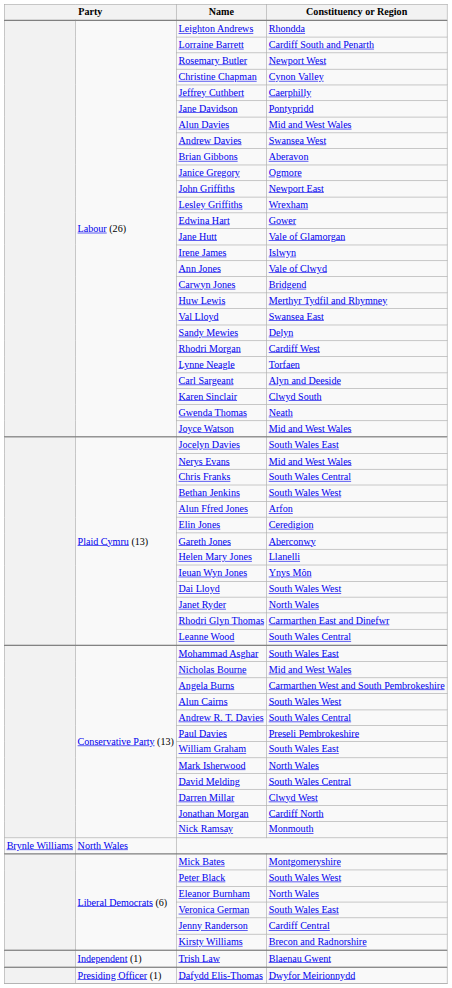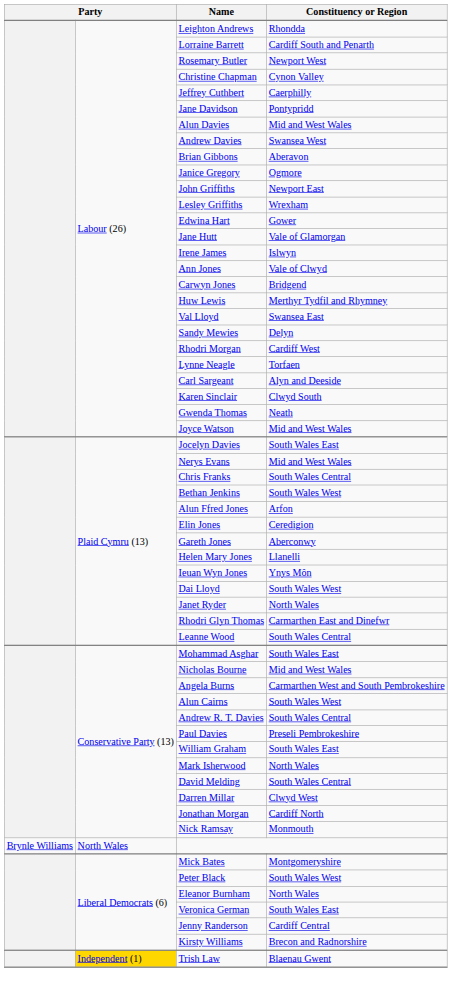 <table class="wikitable">
 <tr style="border-bottom: 2px solid gray;">
 <th colspan="2">Party</th>
 <th>Name</th>
 <th>Constituency or Region</th>
 </tr>
 <tr>
 <th rowspan="26" style="background-color: "></th>
 <td rowspan="26"><a href='#'>Labour</a> (26)</td>
 <td><a href='#'>Leighton Andrews</a></td>
 <td><a href='#'>Rhondda</a></td>
 </tr>
 <tr>
 <td><a href='#'>Lorraine Barrett</a></td>
 <td><a href='#'>Cardiff South and Penarth</a></td>
 </tr>
 <tr>
 <td><a href='#'>Rosemary Butler</a></td>
 <td><a href='#'>Newport West</a></td>
 </tr>
 <tr>
 <td><a href='#'>Christine Chapman</a></td>
 <td><a href='#'>Cynon Valley</a></td>
 </tr>
 <tr>
 <td><a href='#'>Jeffrey Cuthbert</a></td>
 <td><a href='#'>Caerphilly</a></td>
 </tr>
 <tr>
 <td><a href='#'>Jane Davidson</a></td>
 <td><a href='#'>Pontypridd</a></td>
 </tr>
 <tr>
 <td><a href='#'>Alun Davies</a></td>
 <td><a href='#'>Mid and West Wales</a></td>
 </tr>
 <tr>
 <td><a href='#'>Andrew Davies</a></td>
 <td><a href='#'>Swansea West</a></td>
 </tr>
 <tr>
 <td><a href='#'>Brian Gibbons</a></td>
 <td><a href='#'>Aberavon</a></td>
 </tr>
 <tr>
 <td><a href='#'>Janice Gregory</a></td>
 <td><a href='#'>Ogmore</a></td>
 </tr>
 <tr>
 <td><a href='#'>John Griffiths</a></td>
 <td><a href='#'>Newport East</a></td>
 </tr>
 <tr>
 <td><a href='#'>Lesley Griffiths</a></td>
 <td><a href='#'>Wrexham</a></td>
 </tr>
 <tr>
 <td><a href='#'>Edwina Hart</a></td>
 <td><a href='#'>Gower</a></td>
 </tr>
 <tr>
 <td><a href='#'>Jane Hutt</a></td>
 <td><a href='#'>Vale of Glamorgan</a></td>
 </tr>
 <tr>
 <td><a href='#'>Irene James</a></td>
 <td><a href='#'>Islwyn</a></td>
 </tr>
 <tr>
 <td><a href='#'>Ann Jones</a></td>
 <td><a href='#'>Vale of Clwyd</a></td>
 </tr>
 <tr>
 <td><a href='#'>Carwyn Jones</a></td>
 <td><a href='#'>Bridgend</a></td>
 </tr>
 <tr>
 <td><a href='#'>Huw Lewis</a></td>
 <td><a href='#'>Merthyr Tydfil and Rhymney</a></td>
 </tr>
 <tr>
 <td><a href='#'>Val Lloyd</a></td>
 <td><a href='#'>Swansea East</a></td>
 </tr>
 <tr>
 <td><a href='#'>Sandy Mewies</a></td>
 <td><a href='#'>Delyn</a></td>
 </tr>
 <tr>
 <td><a href='#'>Rhodri Morgan</a></td>
 <td><a href='#'>Cardiff West</a></td>
 </tr>
 <tr>
 <td><a href='#'>Lynne Neagle</a></td>
 <td><a href='#'>Torfaen</a></td>
 </tr>
 <tr>
 <td><a href='#'>Carl Sargeant</a></td>
 <td><a href='#'>Alyn and Deeside</a></td>
 </tr>
 <tr>
 <td><a href='#'>Karen Sinclair</a></td>
 <td><a href='#'>Clwyd South</a></td>
 </tr>
 <tr>
 <td><a href='#'>Gwenda Thomas</a></td>
 <td><a href='#'>Neath</a></td>
 </tr>
 <tr style="border-bottom: 2px solid gray;">
 <td><a href='#'>Joyce Watson</a></td>
 <td><a href='#'>Mid and West Wales</a></td>
 </tr>
 <tr>
 <th rowspan="13" style="background-color: "></th>
 <td rowspan="13"><a href='#'>Plaid Cymru</a> (13)</td>
 <td><a href='#'>Jocelyn Davies</a></td>
 <td><a href='#'>South Wales East</a></td>
 </tr>
 <tr>
 <td><a href='#'>Nerys Evans</a></td>
 <td><a href='#'>Mid and West Wales</a></td>
 </tr>
 <tr>
 <td><a href='#'>Chris Franks</a></td>
 <td><a href='#'>South Wales Central</a></td>
 </tr>
 <tr>
 <td><a href='#'>Bethan Jenkins</a></td>
 <td><a href='#'>South Wales West</a></td>
 </tr>
 <tr>
 <td><a href='#'>Alun Ffred Jones</a></td>
 <td><a href='#'>Arfon</a></td>
 </tr>
 <tr>
 <td><a href='#'>Elin Jones</a></td>
 <td><a href='#'>Ceredigion</a></td>
 </tr>
 <tr>
 <td><a href='#'>Gareth Jones</a></td>
 <td><a href='#'>Aberconwy</a></td>
 </tr>
 <tr>
 <td><a href='#'>Helen Mary Jones</a></td>
 <td><a href='#'>Llanelli</a></td>
 </tr>
 <tr>
 <td><a href='#'>Ieuan Wyn Jones</a></td>
 <td><a href='#'>Ynys Môn</a></td>
 </tr>
 <tr>
 <td><a href='#'>Dai Lloyd</a></td>
 <td><a href='#'>South Wales West</a></td>
 </tr>
 <tr>
 <td><a href='#'>Janet Ryder</a></td>
 <td><a href='#'>North Wales</a></td>
 </tr>
 <tr>
 <td><a href='#'>Rhodri Glyn Thomas</a></td>
 <td><a href='#'>Carmarthen East and Dinefwr</a></td>
 </tr>
 <tr style="border-bottom: 2px solid gray;">
 <td><a href='#'>Leanne Wood</a></td>
 <td><a href='#'>South Wales Central</a></td>
 </tr>
 <tr>
 <th rowspan="13" style="background-color: "></th>
 <td rowspan="13"><a href='#'>Conservative Party</a> (13)</td>
 <td><a href='#'>Mohammad Asghar</a></td>
 <td><a href='#'>South Wales East</a></td>
 </tr>
 <tr>
 <td><a href='#'>Nicholas Bourne</a></td>
 <td><a href='#'>Mid and West Wales</a></td>
 </tr>
 <tr>
 <td><a href='#'>Angela Burns</a></td>
 <td><a href='#'>Carmarthen West and South Pembrokeshire</a></td>
 </tr>
 <tr>
 <td><a href='#'>Alun Cairns</a></td>
 <td><a href='#'>South Wales West</a></td>
 </tr>
 <tr>
 <td><a href='#'>Andrew R. T. Davies</a></td>
 <td><a href='#'>South Wales Central</a></td>
 </tr>
 <tr>
 <td><a href='#'>Paul Davies</a></td>
 <td><a href='#'>Preseli Pembrokeshire</a></td>
 </tr>
 <tr>
 <td><a href='#'>William Graham</a></td>
 <td><a href='#'>South Wales East</a></td>
 </tr>
 <tr>
 <td><a href='#'>Mark Isherwood</a></td>
 <td><a href='#'>North Wales</a></td>
 </tr>
 <tr>
 <td><a href='#'>David Melding</a></td>
 <td><a href='#'>South Wales Central</a></td>
 </tr>
 <tr>
 <td><a href='#'>Darren Millar</a></td>
 <td><a href='#'>Clwyd West</a></td>
 </tr>
 <tr>
 <td><a href='#'>Jonathan Morgan</a></td>
 <td><a href='#'>Cardiff North</a></td>
 </tr>
 <tr>
 <td><a href='#'>Nick Ramsay</a></td>
 <td><a href='#'>Monmouth</a></td>
 </tr>
 <tr>
 </tr>
 <tr style="border-bottom: 2px solid gray;">
 <td><a href='#'>Brynle Williams</a></td>
 <td><a href='#'>North Wales</a></td>
 </tr>
 <tr>
 <th rowspan="6" style="background-color: "></th>
 <td rowspan="6"><a href='#'>Liberal Democrats</a> (6)</td>
 <td><a href='#'>Mick Bates</a></td>
 <td><a href='#'>Montgomeryshire</a></td>
 </tr>
 <tr>
 <td><a href='#'>Peter Black</a></td>
 <td><a href='#'>South Wales West</a></td>
 </tr>
 <tr>
 <td><a href='#'>Eleanor Burnham</a></td>
 <td><a href='#'>North Wales</a></td>
 </tr>
 <tr>
 <td><a href='#'>Veronica German</a></td>
 <td><a href='#'>South Wales East</a></td>
 </tr>
 <tr>
 <td><a href='#'>Jenny Randerson</a></td>
 <td><a href='#'>Cardiff Central</a></td>
 </tr>
 <tr style="border-bottom: 2px solid gray;">
 <td><a href='#'>Kirsty Williams</a></td>
 <td><a href='#'>Brecon and Radnorshire</a></td>
 </tr>
 <tr style="border-bottom: 2px solid gray;">
 <th rowspan="1" style="background-color:"></th>
-<td rowspan="1"><a href='#'>Independent</a> (1)</td>
+<td rowspan="1" style="background: gold;"><a href='#'>Independent</a> (1)</td>
 <td><a href='#'>Trish Law</a></td>
 <td><a href='#'>Blaenau Gwent</a></td>
 </tr>
 <tr>
-<th rowspan="1" style="background-color:"></th>
-<td rowspan="1"><a href='#'>Presiding Officer</a> (1)</td>
-<td><a href='#'>Dafydd Elis-Thomas</a></td>
-<td><a href='#'>Dwyfor Meirionnydd</a></td>
-</tr>
-<tr>
 </tr>
 </table>
